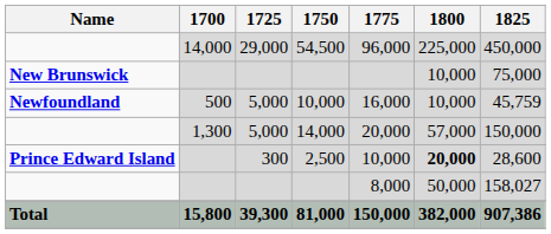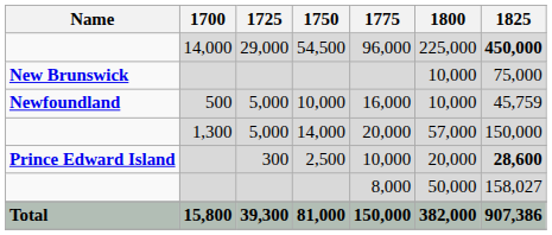 <table class="wikitable sortable" style="text-align:right;">
 <tr>
 <th>Name</th>
 <th data-sort-type="number">1700</th>
 <th data-sort-type="number">1725</th>
 <th data-sort-type="number">1750</th>
 <th data-sort-type="number">1775</th>
 <th data-sort-type="number">1800</th>
 <th data-sort-type="number">1825</th>
 </tr>
 <tr>
 <td height="13" align="left"><strong></strong></td>
 <td style="background-color:#D9D9D9">14,000</td>
 <td style="background-color:#D9D9D9">29,000</td>
 <td style="background-color:#D9D9D9">54,500</td>
 <td style="background-color:#D9D9D9">96,000</td>
 <td style="background-color:#D9D9D9">225,000</td>
-<td style="background-color:#D9D9D9">450,000</td>
+<td style="background-color:#D9D9D9"><strong>450,000</strong></td>
 </tr>
 <tr>
 <td height="13" align="left"><strong> <a href='#'>New Brunswick</a></strong></td>
 <td style="background-color:#D9D9D9"> </td>
 <td style="background-color:#D9D9D9"> </td>
 <td style="background-color:#D9D9D9"> </td>
 <td style="background-color:#D9D9D9"> </td>
 <td style="background-color:#D9D9D9">10,000</td>
 <td style="background-color:#D9D9D9">75,000</td>
 </tr>
 <tr>
 <td height="13" align="left"><strong> <a href='#'>Newfoundland</a></strong></td>
 <td style="background-color:#D9D9D9">500</td>
 <td style="background-color:#D9D9D9">5,000</td>
 <td style="background-color:#D9D9D9">10,000</td>
 <td style="background-color:#D9D9D9">16,000</td>
 <td style="background-color:#D9D9D9">10,000</td>
 <td style="background-color:#D9D9D9">45,759</td>
 </tr>
 <tr>
 <td height="13" align="left"><strong></strong></td>
 <td style="background-color:#D9D9D9">1,300</td>
 <td style="background-color:#D9D9D9">5,000</td>
 <td style="background-color:#D9D9D9">14,000</td>
 <td style="background-color:#D9D9D9">20,000</td>
 <td style="background-color:#D9D9D9">57,000</td>
 <td style="background-color:#D9D9D9">150,000</td>
 </tr>
 <tr>
 <td height="13" align="left"><strong> <a href='#'>Prince Edward Island</a></strong></td>
 <td style="background-color:#D9D9D9"> </td>
 <td style="background-color:#D9D9D9">300</td>
 <td style="background-color:#D9D9D9">2,500</td>
 <td style="background-color:#D9D9D9">10,000</td>
-<td style="background-color:#D9D9D9"><strong>20,000</strong></td>
-<td style="background-color:#D9D9D9">28,600</td>
+<td style="background-color:#D9D9D9">20,000</td>
+<td style="background-color:#D9D9D9"><strong>28,600</strong></td>
 </tr>
 <tr>
 <td height="13" align="left"><strong></strong></td>
 <td style="background-color:#D9D9D9"> </td>
 <td style="background-color:#D9D9D9"> </td>
 <td style="background-color:#D9D9D9"> </td>
 <td style="background-color:#D9D9D9">8,000</td>
 <td style="background-color:#D9D9D9">50,000</td>
 <td style="background-color:#D9D9D9">158,027</td>
 </tr>
 <tr>
 </tr>
 <tr class="sortbottom" bgcolor="B2BEB5">
 <td style="font-weight:bold" height="13" align="left"><strong>Total</strong></td>
 <td style="font-weight:bold">15,800</td>
 <td style="font-weight:bold">39,300</td>
 <td style="font-weight:bold">81,000</td>
 <td style="font-weight:bold">150,000</td>
 <td style="font-weight:bold">382,000</td>
 <td style="font-weight:bold">907,386</td>
 </tr>
 <tr>
 </tr>
 </table>
